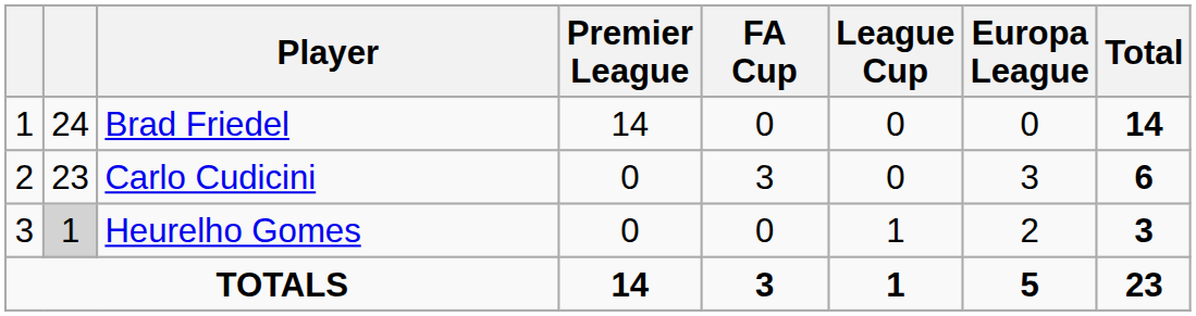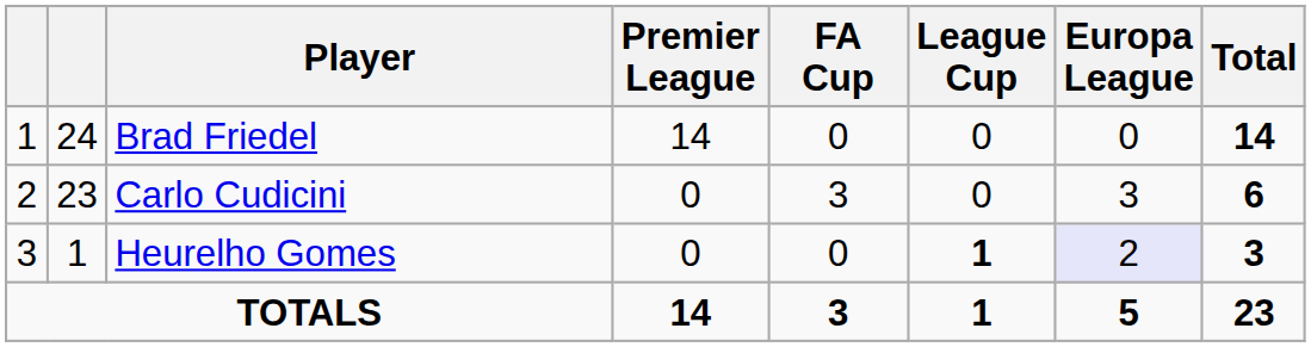 <table class="wikitable sortable" style="font-size: 95%; text-align: center;">
 <tr>
 <th width=10></th>
 <th width=10></th>
 <th width=200>Player</th>
 <th width=50>Premier League</th>
 <th width=50>FA Cup</th>
 <th width=50>League Cup</th>
 <th width=50>Europa League</th>
 <th>Total</th>
 </tr>
 <tr>
 <td>1</td>
 <td>24</td>
 <td align="left"> <a href='#'>Brad Friedel</a></td>
 <td>14</td>
 <td>0</td>
 <td>0</td>
 <td>0</td>
 <td><strong>14</strong></td>
 </tr>
 <tr>
 <td>2</td>
 <td>23</td>
 <td align="left"> <a href='#'>Carlo Cudicini</a></td>
 <td>0</td>
 <td>3</td>
 <td>0</td>
 <td>3</td>
 <td><strong>6</strong></td>
 </tr>
 <tr>
 <td>3</td>
-<td style="background: lightgrey;">1</td>
+<td>1</td>
 <td align="left"> <a href='#'>Heurelho Gomes</a></td>
 <td>0</td>
 <td>0</td>
-<td>1</td>
-<td>2</td>
+<td><strong>1</strong></td>
+<td style="background: lavender;">2</td>
 <td><strong>3</strong></td>
 </tr>
 <tr>
 <td colspan="3"><strong>TOTALS</strong></td>
 <td><strong>14</strong></td>
 <td><strong>3</strong></td>
 <td><strong>1</strong></td>
 <td><strong>5</strong></td>
 <td><strong>23</strong></td>
 </tr>
 </table>
